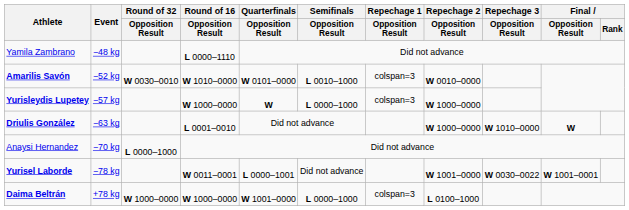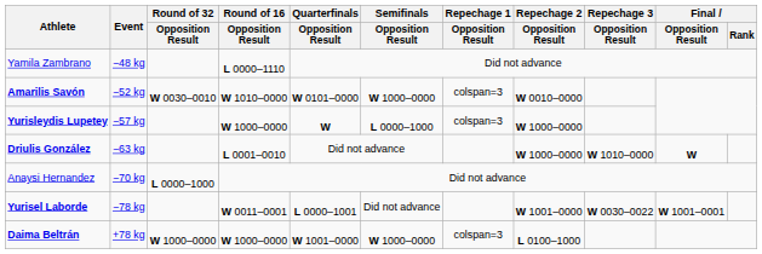 <table class="wikitable" style="font-size:90%">
 <tr>
 <th rowspan="2">Athlete</th>
 <th rowspan="2">Event</th>
 <th>Round of 32</th>
 <th>Round of 16</th>
 <th>Quarterfinals</th>
 <th>Semifinals</th>
 <th>Repechage 1</th>
 <th>Repechage 2</th>
 <th>Repechage 3</th>
 <th colspan=2>Final / </th>
 </tr>
 <tr style="font-size:95%">
 <th>Opposition<br>Result</th>
 <th>Opposition<br>Result</th>
 <th>Opposition<br>Result</th>
 <th>Opposition<br>Result</th>
 <th>Opposition<br>Result</th>
 <th>Opposition<br>Result</th>
 <th>Opposition<br>Result</th>
 <th>Opposition<br>Result</th>
 <th>Rank</th>
 </tr>
 <tr align=center>
 <td align=left><a href='#'>Yamila Zambrano</a></td>
 <td align=left><a href='#'>−48 kg</a></td>
 <td></td>
 <td><br><strong>L</strong> 0000–1110</td>
 <td colspan=7>Did not advance</td>
 </tr>
 <tr align=center>
 <td align=left><strong><a href='#'>Amarilis Savón</a></strong></td>
 <td align=left><a href='#'>−52 kg</a></td>
 <td><br><strong>W</strong> 0030–0010</td>
 <td><br><strong>W</strong> 1010–0000</td>
 <td><br><strong>W</strong> 0101–0000</td>
-<td><br><strong>L</strong> 0010–1000</td>
+<td><br><strong>W</strong> 1000–0000</td>
 <td>colspan=3 </td>
 <td><br><strong>W</strong> 0010–0000</td>
 <td></td>
 </tr>
 <tr align=center>
 <td align=left><strong><a href='#'>Yurisleydis Lupetey</a></strong></td>
 <td align=left><a href='#'>−57 kg</a></td>
 <td></td>
 <td><br><strong>W</strong> 1000–0000</td>
 <td><br><strong>W</strong> </td>
 <td><br><strong>L</strong> 0000–1000</td>
 <td>colspan=3 </td>
 <td><br><strong>W</strong> 1000–0000</td>
 <td></td>
 </tr>
 <tr align=center>
 <td align=left><strong><a href='#'>Driulis González</a></strong></td>
 <td align=left><a href='#'>−63 kg</a></td>
 <td></td>
 <td><br><strong>L</strong> 0001–0010</td>
 <td colspan=2>Did not advance</td>
 <td></td>
 <td><br><strong>W</strong> 1000–0000</td>
 <td><br><strong>W</strong> 1010–0000</td>
 <td><br><strong>W</strong> </td>
 <td></td>
 </tr>
 <tr align=center>
 <td align=left><a href='#'>Anaysi Hernandez</a></td>
 <td align=left><a href='#'>−70 kg</a></td>
 <td><br><strong>L</strong> 0000–1000</td>
 <td colspan=8>Did not advance</td>
 </tr>
 <tr align=center>
 <td align=left><strong><a href='#'>Yurisel Laborde</a></strong></td>
 <td align=left><a href='#'>−78 kg</a></td>
 <td></td>
 <td><br><strong>W</strong> 0011–0001</td>
 <td><br><strong>L</strong> 0000–1001</td>
 <td>Did not advance</td>
 <td></td>
 <td><br><strong>W</strong> 1001–0000</td>
 <td><br><strong>W</strong> 0030–0022</td>
 <td><br><strong>W</strong> 1001–0001</td>
 <td></td>
 </tr>
 <tr align=center>
 <td align=left><strong><a href='#'>Daima Beltrán</a></strong></td>
 <td><a href='#'>+78 kg</a></td>
 <td><br><strong>W</strong> 1000–0000</td>
 <td><br><strong>W</strong> 1000–0000</td>
 <td><br><strong>W</strong> 1001–0000</td>
-<td><br><strong>L</strong> 0000–1000</td>
+<td><br><strong>W</strong> 1000–0000</td>
 <td>colspan=3 </td>
 <td><br><strong>L</strong> 0100–1000</td>
 <td></td>
 </tr>
 </table>
